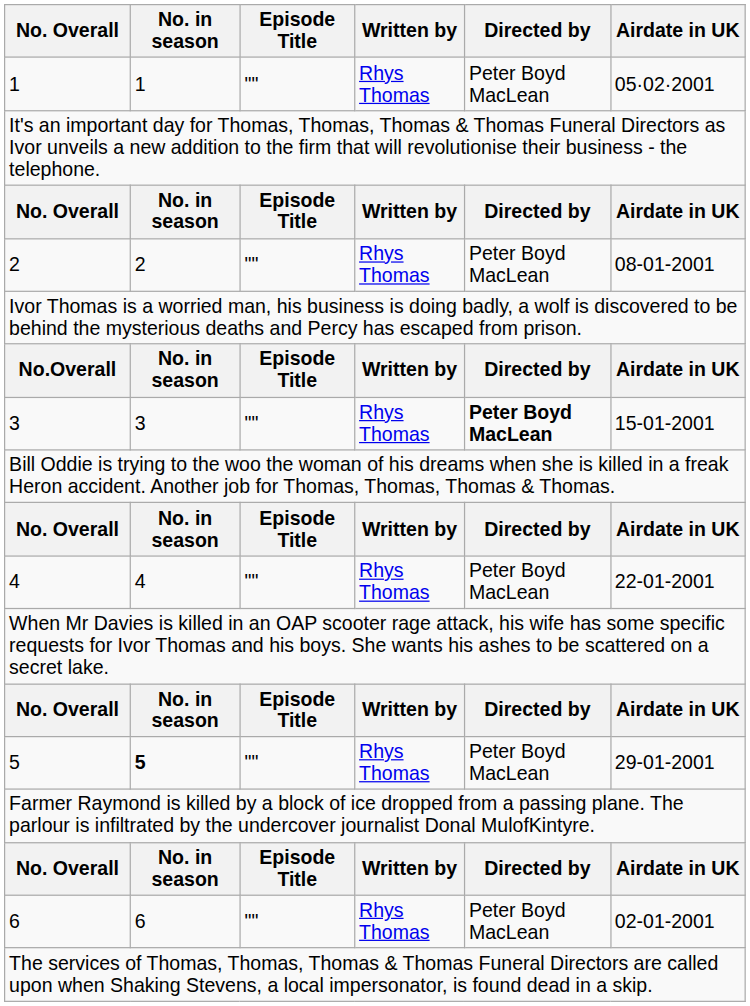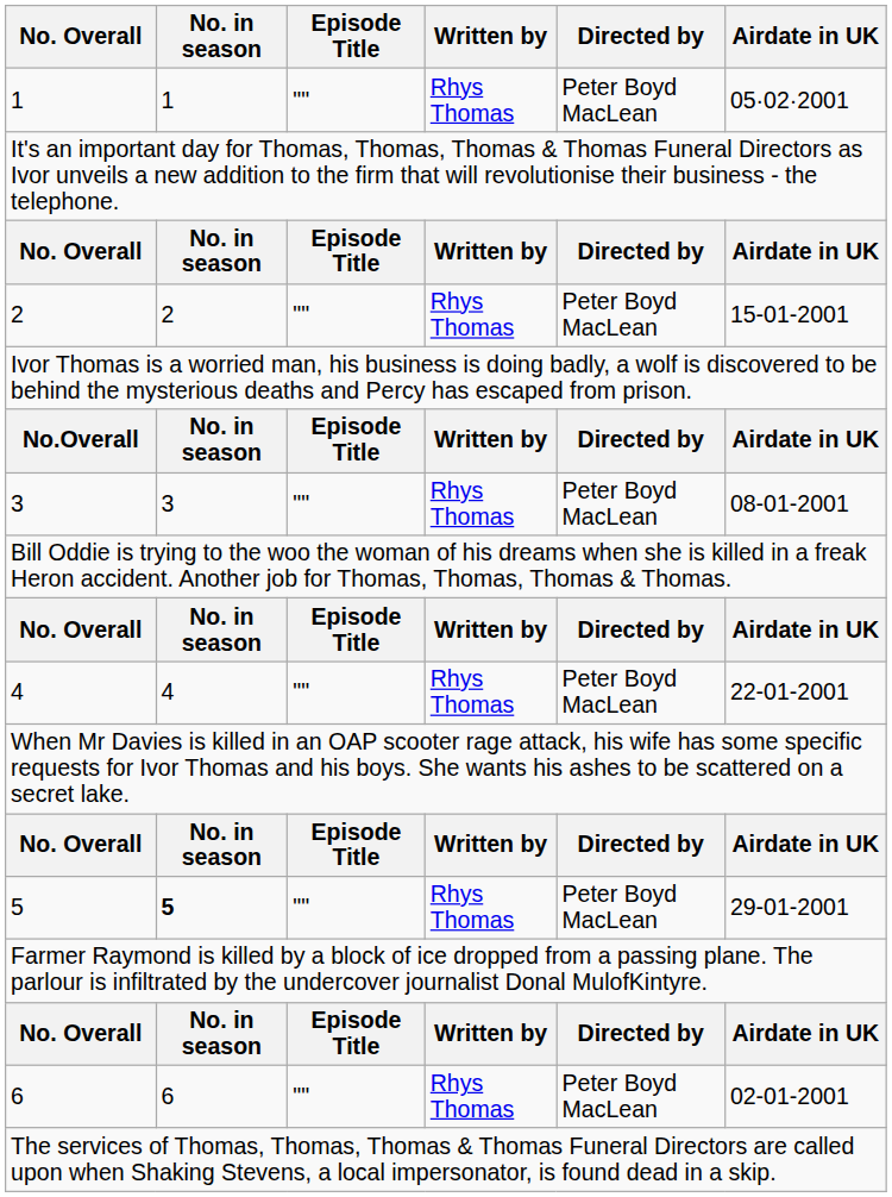 <table class="wikitable">
 <tr>
 <th>No. Overall</th>
 <th>No. in season</th>
 <th>Episode Title</th>
 <th>Written by</th>
 <th>Directed by</th>
 <th>Airdate in UK</th>
 </tr>
 <tr>
 <td>1</td>
 <td>1</td>
 <td>""</td>
 <td><a href='#'>Rhys Thomas</a></td>
 <td>Peter Boyd MacLean</td>
 <td>05·02·2001</td>
 </tr>
 <tr>
 <td colspan="6">It's an important day for Thomas, Thomas, Thomas & Thomas Funeral Directors as Ivor unveils a new addition to the firm that will revolutionise their business - the telephone.</td>
 </tr>
 <tr>
 <th>No. Overall</th>
 <th>No. in season</th>
 <th>Episode Title</th>
 <th>Written by</th>
 <th>Directed by</th>
 <th>Airdate in UK</th>
 </tr>
 <tr>
 <td>2</td>
 <td>2</td>
 <td>""</td>
 <td><a href='#'>Rhys Thomas</a></td>
 <td>Peter Boyd MacLean</td>
-<td>08-01-2001</td>
+<td>15-01-2001</td>
 </tr>
 <tr>
 <td colspan="6">Ivor Thomas is a worried man, his business is doing badly, a wolf is discovered to be behind the mysterious deaths and Percy has escaped from prison.</td>
 </tr>
 <tr>
 <th>No.Overall</th>
 <th>No. in season</th>
 <th>Episode Title</th>
 <th>Written by</th>
 <th>Directed by</th>
 <th>Airdate in UK</th>
 </tr>
 <tr>
 <td>3</td>
 <td>3</td>
 <td>""</td>
 <td><a href='#'>Rhys Thomas</a></td>
-<td><strong>Peter Boyd MacLean</strong></td>
-<td>15-01-2001</td>
+<td>Peter Boyd MacLean</td>
+<td>08-01-2001</td>
 </tr>
 <tr>
 <td colspan="6">Bill Oddie is trying to the woo the woman of his dreams when she is killed in a freak Heron accident. Another job for Thomas, Thomas, Thomas & Thomas.</td>
 </tr>
 <tr>
 <th>No. Overall</th>
 <th>No. in season</th>
 <th>Episode Title</th>
 <th>Written by</th>
 <th>Directed by</th>
 <th>Airdate in UK</th>
 </tr>
 <tr>
 <td>4</td>
 <td>4</td>
 <td>""</td>
 <td><a href='#'>Rhys Thomas</a></td>
 <td>Peter Boyd MacLean</td>
 <td>22-01-2001</td>
 </tr>
 <tr>
 <td colspan="6">When Mr Davies is killed in an OAP scooter rage attack, his wife has some specific requests for Ivor Thomas and his boys. She wants his ashes to be scattered on a secret lake.</td>
 </tr>
 <tr>
 <th>No. Overall</th>
 <th>No. in season</th>
 <th>Episode Title</th>
 <th>Written by</th>
 <th>Directed by</th>
 <th>Airdate in UK</th>
 </tr>
 <tr>
 <td>5</td>
 <td><strong>5</strong></td>
 <td>""</td>
 <td><a href='#'>Rhys Thomas</a></td>
 <td>Peter Boyd MacLean</td>
 <td>29-01-2001</td>
 </tr>
 <tr>
 <td colspan="6">Farmer Raymond is killed by a block of ice dropped from a passing plane. The parlour is infiltrated by the undercover journalist Donal MulofKintyre.</td>
 </tr>
 <tr>
 <th>No. Overall</th>
 <th>No. in season</th>
 <th>Episode Title</th>
 <th>Written by</th>
 <th>Directed by</th>
 <th>Airdate in UK</th>
 </tr>
 <tr>
 <td>6</td>
 <td>6</td>
 <td>""</td>
 <td><a href='#'>Rhys Thomas</a></td>
 <td>Peter Boyd MacLean</td>
 <td>02-01-2001</td>
 </tr>
 <tr>
 <td colspan="6">The services of Thomas, Thomas, Thomas & Thomas Funeral Directors are called upon when Shaking Stevens, a local impersonator, is found dead in a skip.</td>
 </tr>
 </table>
